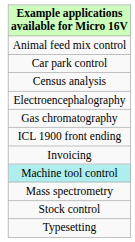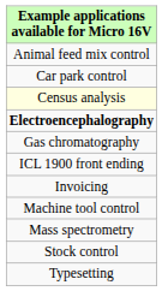 <table class="wikitable"  style="text-align:center; margin-left:10px" align="right" border="1">
 <tr>
 <th style="background-color:#cfb">Example applications<br>available for Micro 16V</th>
 </tr>
 <tr>
 <td>Animal feed mix control</td>
 </tr>
 <tr>
 <td>Car park control</td>
 </tr>
 <tr>
-<td>Census analysis</td>
+<td style="background: lightyellow;">Census analysis</td>
 </tr>
 <tr>
-<td>Electroencephalography</td>
+<td><strong>Electroencephalography</strong></td>
 </tr>
 <tr>
 <td>Gas chromatography</td>
 </tr>
 <tr>
 <td>ICL 1900 front ending</td>
 </tr>
 <tr>
 <td>Invoicing</td>
 </tr>
 <tr>
-<td style="background: paleturquoise;">Machine tool control</td>
+<td>Machine tool control</td>
 </tr>
 <tr>
 <td>Mass spectrometry</td>
 </tr>
 <tr>
 <td>Stock control</td>
 </tr>
 <tr>
 <td>Typesetting</td>
 </tr>
 </table>
